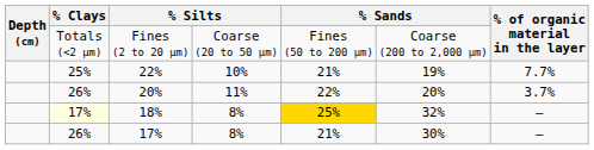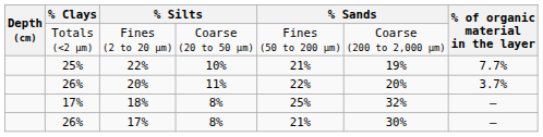 <table class="wikitable" style="text-align:center;">
 <tr>
 <th rowspan="2">Depth <br><small>(cm)</small></th>
 <th>% Clays</th>
 <th colspan="2">% Silts</th>
 <th % colspan="2">% Sands</th>
 <th rowspan="2">% of organic <br>material <br>in the layer</th>
 </tr>
 <tr>
 <td>Totals<br><small>(<2 μm) </small></td>
 <td>Fines<br><small>(2 to 20 μm) </small></td>
 <td>Coarse<br><small>(20 to 50 μm) </small></td>
 <td>Fines<br><small>(50 to 200 μm) </small></td>
 <td>Coarse<br><small>(200 to 2,000 μm)</small></td>
 </tr>
 <tr>
 <td></td>
 <td>25%</td>
 <td>22%</td>
 <td>10%</td>
 <td>21%</td>
 <td>19%</td>
 <td>7.7%</td>
 </tr>
 <tr>
 <td></td>
 <td>26%</td>
 <td>20%</td>
 <td>11%</td>
 <td>22%</td>
 <td>20%</td>
 <td>3.7%</td>
 </tr>
 <tr>
 <td></td>
-<td style="background: lightyellow;">17%</td>
+<td>17%</td>
 <td>18%</td>
 <td>8%</td>
-<td style="background: gold;">25%</td>
+<td>25%</td>
 <td>32%</td>
 <td>–</td>
 </tr>
 <tr>
 <td></td>
 <td>26%</td>
 <td>17%</td>
 <td>8%</td>
 <td>21%</td>
 <td>30%</td>
 <td>–</td>
 </tr>
 </table>
